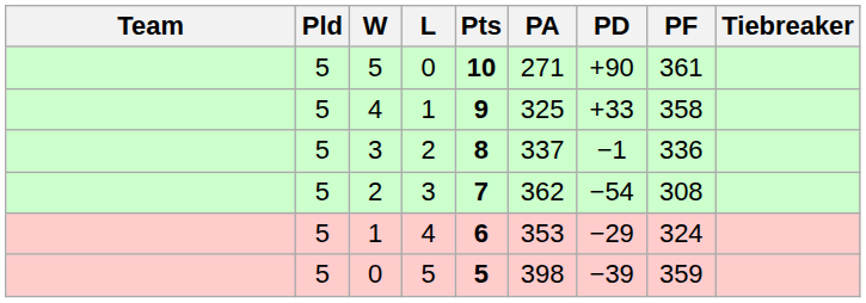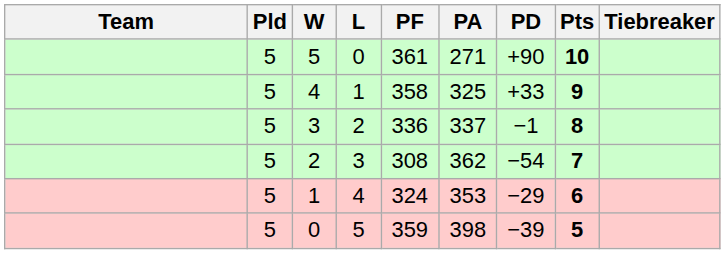 <table class="wikitable" style="text-align:center;">
 <tr>
 <th width=170>Team</th>
 <th width=25>Pld</th>
 <th width=25>W</th>
 <th width=25>L</th>
-<th width=25>Pts</th>
+<th width=35>PF</th>
 <th width=35>PA</th>
 <th width=35>PD</th>
-<th width=35>PF</th>
+<th width=25>Pts</th>
 <th width=50>Tiebreaker</th>
 </tr>
 <tr bgcolor=ccffcc>
 <td align="left"></td>
 <td>5</td>
 <td>5</td>
 <td>0</td>
-<td><strong>10</strong></td>
+<td>361</td>
 <td>271</td>
 <td>+90</td>
-<td>361</td>
+<td><strong>10</strong></td>
 <td></td>
 </tr>
 <tr bgcolor=ccffcc>
 <td align="left"></td>
 <td>5</td>
 <td>4</td>
 <td>1</td>
-<td><strong>9</strong></td>
+<td>358</td>
 <td>325</td>
 <td>+33</td>
-<td>358</td>
+<td><strong>9</strong></td>
 <td></td>
 </tr>
 <tr bgcolor=ccffcc>
 <td align="left"></td>
 <td>5</td>
 <td>3</td>
 <td>2</td>
-<td><strong>8</strong></td>
+<td>336</td>
 <td>337</td>
 <td>−1</td>
-<td>336</td>
+<td><strong>8</strong></td>
 <td></td>
 </tr>
 <tr bgcolor=ccffcc>
 <td align="left"></td>
 <td>5</td>
 <td>2</td>
 <td>3</td>
-<td><strong>7</strong></td>
+<td>308</td>
 <td>362</td>
 <td>−54</td>
-<td>308</td>
+<td><strong>7</strong></td>
 <td></td>
 </tr>
 <tr bgcolor=ffcccc>
 <td align="left"></td>
 <td>5</td>
 <td>1</td>
 <td>4</td>
-<td><strong>6</strong></td>
+<td>324</td>
 <td>353</td>
 <td>−29</td>
-<td>324</td>
+<td><strong>6</strong></td>
 <td></td>
 </tr>
 <tr bgcolor=ffcccc>
 <td align="left"></td>
 <td>5</td>
 <td>0</td>
 <td>5</td>
-<td><strong>5</strong></td>
+<td>359</td>
 <td>398</td>
 <td>−39</td>
-<td>359</td>
+<td><strong>5</strong></td>
 <td></td>
 </tr>
 </table>
